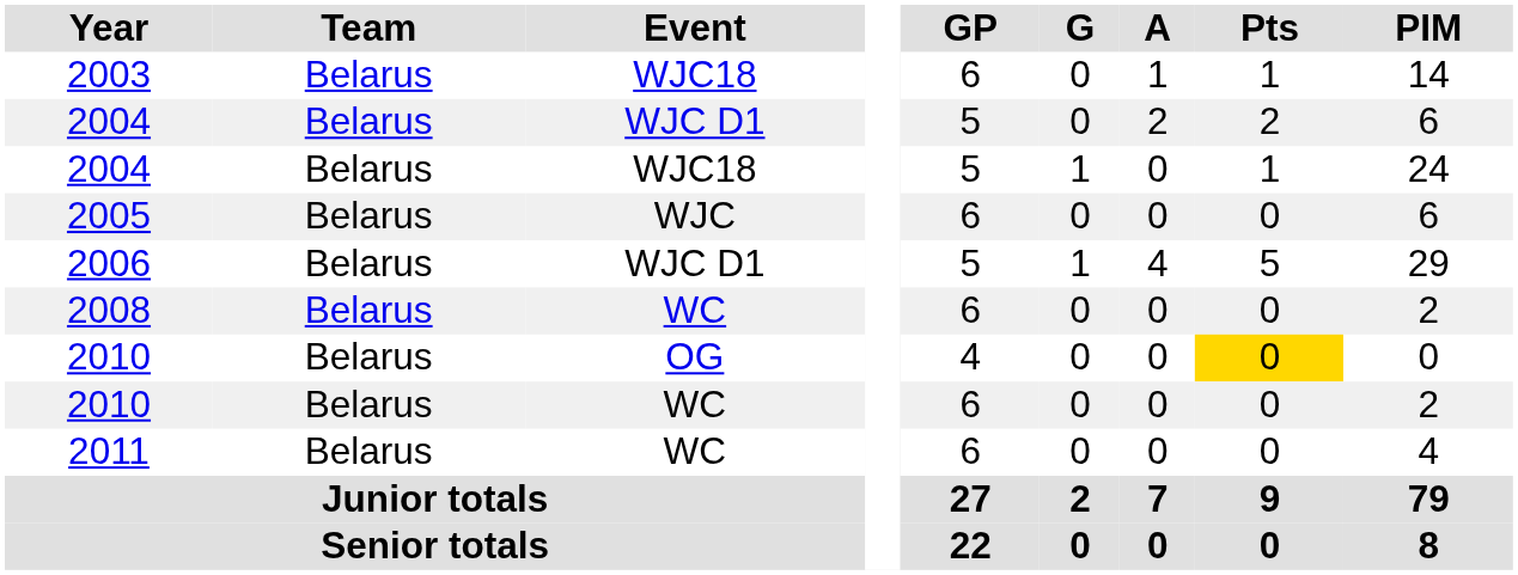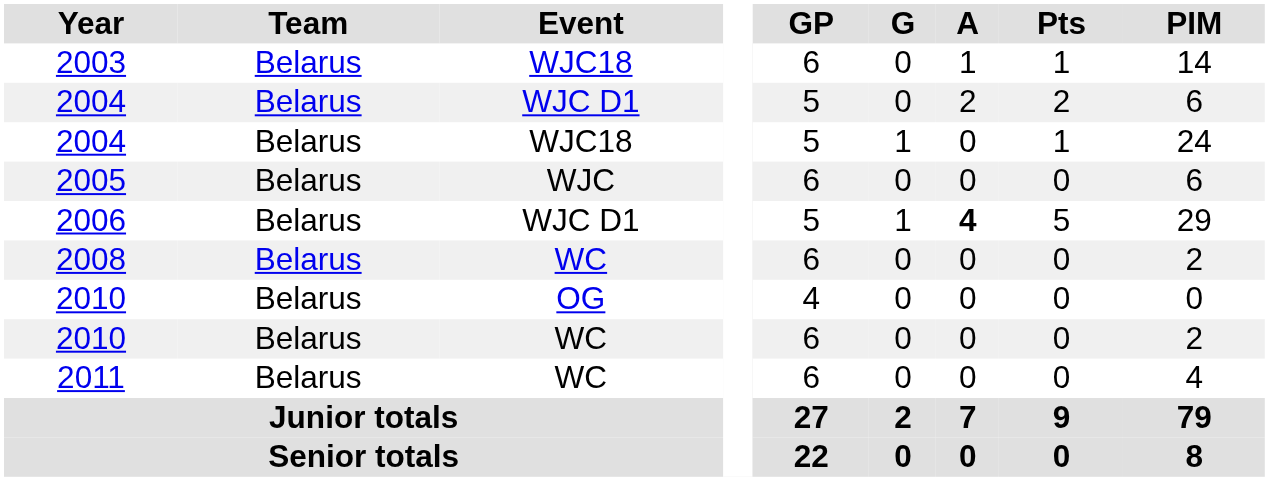 <table border="0" cellpadding="1" cellspacing="0" style="text-align:center; width:40em">
 <tr ALIGN="center" bgcolor="#e0e0e0">
 <th>Year</th>
 <th>Team</th>
 <th>Event</th>
 <th ALIGN="center" rowspan="99" bgcolor="#ffffff"> </th>
 <th>GP</th>
 <th>G</th>
 <th>A</th>
 <th>Pts</th>
 <th>PIM</th>
 </tr>
 <tr>
 <td><a href='#'>2003</a></td>
 <td><a href='#'>Belarus</a></td>
 <td><a href='#'>WJC18</a></td>
 <td>6</td>
 <td>0</td>
 <td>1</td>
 <td>1</td>
 <td>14</td>
 </tr>
 <tr bgcolor="#f0f0f0">
 <td><a href='#'>2004</a></td>
 <td><a href='#'>Belarus</a></td>
 <td><a href='#'>WJC D1</a></td>
 <td>5</td>
 <td>0</td>
 <td>2</td>
 <td>2</td>
 <td>6</td>
 </tr>
 <tr>
 <td><a href='#'>2004</a></td>
 <td>Belarus</td>
 <td>WJC18</td>
 <td>5</td>
 <td>1</td>
 <td>0</td>
 <td>1</td>
 <td>24</td>
 </tr>
 <tr bgcolor="#f0f0f0">
 <td><a href='#'>2005</a></td>
 <td>Belarus</td>
 <td>WJC</td>
 <td>6</td>
 <td>0</td>
 <td>0</td>
 <td>0</td>
 <td>6</td>
 </tr>
 <tr>
 <td><a href='#'>2006</a></td>
 <td>Belarus</td>
 <td>WJC D1</td>
 <td>5</td>
 <td>1</td>
-<td>4</td>
+<td><strong>4</strong></td>
 <td>5</td>
 <td>29</td>
 </tr>
 <tr bgcolor="#f0f0f0">
 <td><a href='#'>2008</a></td>
 <td><a href='#'>Belarus</a></td>
 <td><a href='#'>WC</a></td>
 <td>6</td>
 <td>0</td>
 <td>0</td>
 <td>0</td>
 <td>2</td>
 </tr>
 <tr>
 <td><a href='#'>2010</a></td>
 <td>Belarus</td>
 <td><a href='#'>OG</a></td>
 <td>4</td>
 <td>0</td>
 <td>0</td>
-<td style="background: gold;">0</td>
+<td>0</td>
 <td>0</td>
 </tr>
 <tr bgcolor="#f0f0f0">
 <td><a href='#'>2010</a></td>
 <td>Belarus</td>
 <td>WC</td>
 <td>6</td>
 <td>0</td>
 <td>0</td>
 <td>0</td>
 <td>2</td>
 </tr>
 <tr>
 <td><a href='#'>2011</a></td>
 <td>Belarus</td>
 <td>WC</td>
 <td>6</td>
 <td>0</td>
 <td>0</td>
 <td>0</td>
 <td>4</td>
 </tr>
 <tr bgcolor="#e0e0e0">
 <th colspan="3">Junior totals</th>
 <th>27</th>
 <th>2</th>
 <th>7</th>
 <th>9</th>
 <th>79</th>
 </tr>
 <tr bgcolor="#e0e0e0">
 <th colspan="3">Senior totals</th>
 <th>22</th>
 <th>0</th>
 <th>0</th>
 <th>0</th>
 <th>8</th>
 </tr>
 </table>
